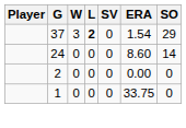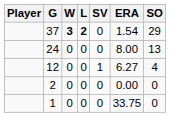 <table class="wikitable sortable" style="text-align:center;">
 <tr>
 <th>Player</th>
 <th>G</th>
 <th>W</th>
 <th>L</th>
 <th>SV</th>
 <th>ERA</th>
 <th>SO</th>
 </tr>
 <tr>
 <td></td>
 <td>37</td>
-<td>3</td>
+<td><strong>3</strong></td>
 <td><strong>2</strong></td>
 <td>0</td>
 <td>1.54</td>
 <td>29</td>
 </tr>
 <tr>
 <td></td>
 <td>24</td>
 <td>0</td>
 <td>0</td>
 <td>0</td>
-<td>8.60</td>
-<td>14</td>
+<td>8.00</td>
+<td>13</td>
+</tr>
+<tr>
+<td></td>
+<td>12</td>
+<td>0</td>
+<td>0</td>
+<td>1</td>
+<td>6.27</td>
+<td>4</td>
 </tr>
 <tr>
 <td></td>
 <td>2</td>
 <td>0</td>
 <td>0</td>
 <td>0</td>
 <td>0.00</td>
 <td>0</td>
 </tr>
 <tr>
 <td></td>
 <td>1</td>
 <td>0</td>
 <td>0</td>
 <td>0</td>
 <td>33.75</td>
 <td>0</td>
 </tr>
 </table>
